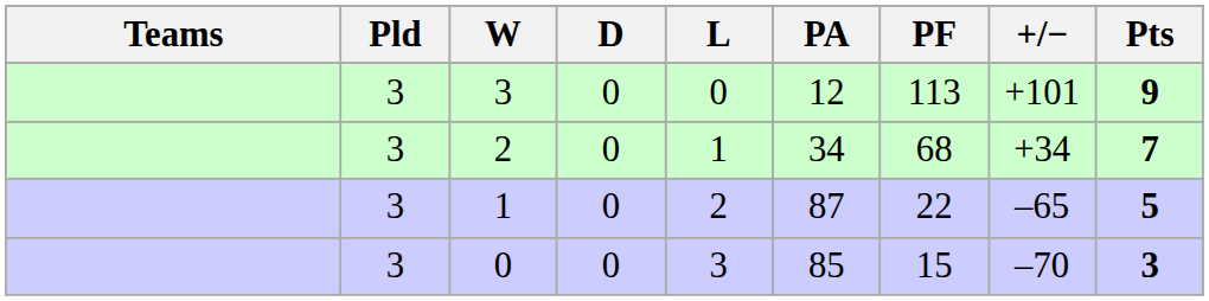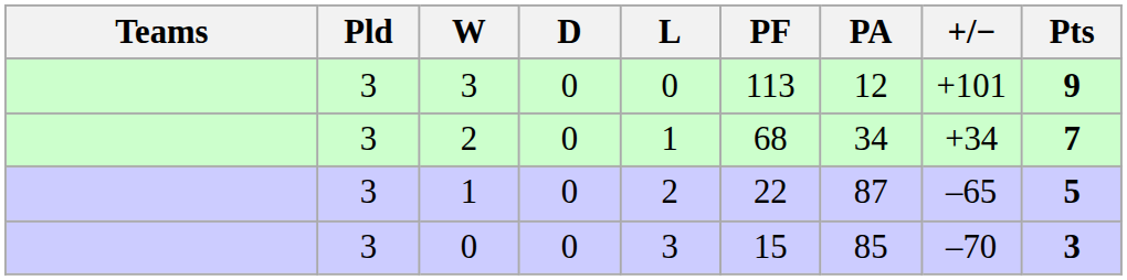 <table class="wikitable" style="text-align: center;">
 <tr>
 <th width="140">Teams</th>
 <th width="40">Pld</th>
 <th width="40">W</th>
 <th width="40">D</th>
 <th width="40">L</th>
+<th width="40">PF</th>
 <th width="40">PA</th>
-<th width="40">PF</th>
 <th width="40">+/−</th>
 <th width="40">Pts</th>
 </tr>
 <tr bgcolor=ccffcc>
 <td align=left></td>
 <td>3</td>
 <td>3</td>
 <td>0</td>
 <td>0</td>
+<td>113</td>
 <td>12</td>
-<td>113</td>
 <td>+101</td>
 <td><strong>9</strong></td>
 </tr>
 <tr bgcolor=ccffcc>
 <td align=left></td>
 <td>3</td>
 <td>2</td>
 <td>0</td>
 <td>1</td>
+<td>68</td>
 <td>34</td>
-<td>68</td>
 <td>+34</td>
 <td><strong>7</strong></td>
 </tr>
 <tr bgcolor=ccccff>
 <td align=left></td>
 <td>3</td>
 <td>1</td>
 <td>0</td>
 <td>2</td>
+<td>22</td>
 <td>87</td>
-<td>22</td>
 <td>–65</td>
 <td><strong>5</strong></td>
 </tr>
 <tr bgcolor=ccccff>
 <td align=left></td>
 <td>3</td>
 <td>0</td>
 <td>0</td>
 <td>3</td>
+<td>15</td>
 <td>85</td>
-<td>15</td>
 <td>–70</td>
 <td><strong>3</strong></td>
 </tr>
 </table>
